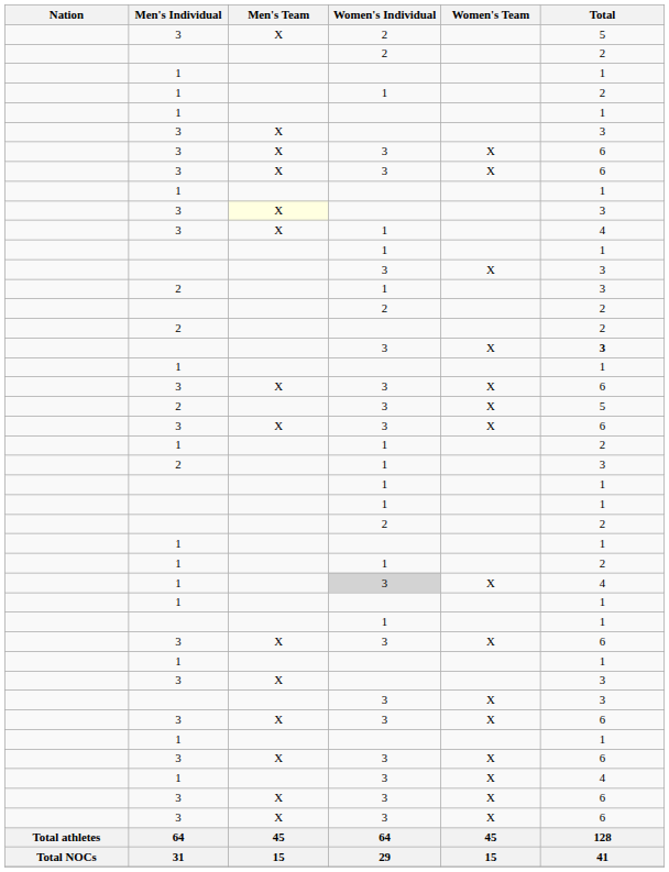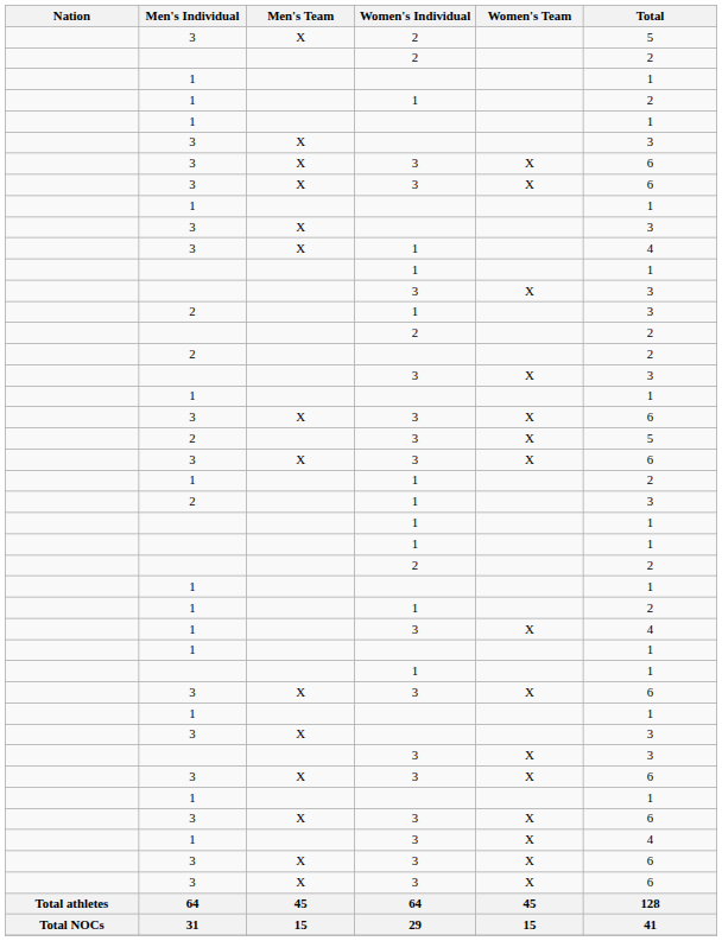 <table class="wikitable collapsible sortable" width=800 style="text-align:center; font-size:90%">
 <tr>
 <th align=left width=100>Nation</th>
 <th width=80>Men's Individual</th>
 <th width=80>Men's Team</th>
 <th width=90>Women's Individual</th>
 <th width=80>Women's Team</th>
 <th width=100>Total</th>
 </tr>
 <tr>
 <td align=left></td>
 <td>3</td>
 <td>X</td>
 <td>2</td>
 <td></td>
 <td>5</td>
 </tr>
 <tr>
 <td align=left></td>
 <td></td>
 <td></td>
 <td>2</td>
 <td></td>
 <td>2</td>
 </tr>
 <tr>
 <td align=left></td>
 <td>1</td>
 <td></td>
 <td></td>
 <td></td>
 <td>1</td>
 </tr>
 <tr>
 <td align=left></td>
 <td>1</td>
 <td></td>
 <td>1</td>
 <td></td>
 <td>2</td>
 </tr>
 <tr>
 <td align=left></td>
 <td>1</td>
 <td></td>
 <td></td>
 <td></td>
 <td>1</td>
 </tr>
 <tr>
 <td align=left></td>
 <td>3</td>
 <td>X</td>
 <td></td>
 <td></td>
 <td>3</td>
 </tr>
 <tr>
 <td align=left></td>
 <td>3</td>
 <td>X</td>
 <td>3</td>
 <td>X</td>
 <td>6</td>
 </tr>
 <tr>
 <td align=left></td>
 <td>3</td>
 <td>X</td>
 <td>3</td>
 <td>X</td>
 <td>6</td>
 </tr>
 <tr>
 <td align=left></td>
 <td>1</td>
 <td></td>
 <td></td>
 <td></td>
 <td>1</td>
 </tr>
 <tr>
 <td align=left></td>
 <td>3</td>
-<td style="background: lightyellow;">X</td>
+<td>X</td>
 <td></td>
 <td></td>
 <td>3</td>
 </tr>
 <tr>
 <td align=left></td>
 <td>3</td>
 <td>X</td>
 <td>1</td>
 <td></td>
 <td>4</td>
 </tr>
 <tr>
 <td align=left></td>
 <td></td>
 <td></td>
 <td>1</td>
 <td></td>
 <td>1</td>
 </tr>
 <tr>
 <td align=left></td>
 <td></td>
 <td></td>
 <td>3</td>
 <td>X</td>
 <td>3</td>
 </tr>
 <tr>
 <td align=left></td>
 <td>2</td>
 <td></td>
 <td>1</td>
 <td></td>
 <td>3</td>
 </tr>
 <tr>
 <td align=left></td>
 <td></td>
 <td></td>
 <td>2</td>
 <td></td>
 <td>2</td>
 </tr>
 <tr>
 <td align=left></td>
 <td>2</td>
 <td></td>
 <td></td>
 <td></td>
 <td>2</td>
 </tr>
 <tr>
 <td align=left></td>
 <td></td>
 <td></td>
 <td>3</td>
 <td>X</td>
-<td><strong>3</strong></td>
+<td>3</td>
 </tr>
 <tr>
 <td align=left></td>
 <td>1</td>
 <td></td>
 <td></td>
 <td></td>
 <td>1</td>
 </tr>
 <tr>
 <td align=left></td>
 <td>3</td>
 <td>X</td>
 <td>3</td>
 <td>X</td>
 <td>6</td>
 </tr>
 <tr>
 <td align=left></td>
 <td>2</td>
 <td></td>
 <td>3</td>
 <td>X</td>
 <td>5</td>
 </tr>
 <tr>
 <td align=left></td>
 <td>3</td>
 <td>X</td>
 <td>3</td>
 <td>X</td>
 <td>6</td>
 </tr>
 <tr>
 <td align=left></td>
 <td>1</td>
 <td></td>
 <td>1</td>
 <td></td>
 <td>2</td>
 </tr>
 <tr>
 <td align=left></td>
 <td>2</td>
 <td></td>
 <td>1</td>
 <td></td>
 <td>3</td>
 </tr>
 <tr>
 <td align=left></td>
 <td></td>
 <td></td>
 <td>1</td>
 <td></td>
 <td>1</td>
 </tr>
 <tr>
 <td align=left></td>
 <td></td>
 <td></td>
 <td>1</td>
 <td></td>
 <td>1</td>
 </tr>
 <tr>
 <td align=left></td>
 <td></td>
 <td></td>
 <td>2</td>
 <td></td>
 <td>2</td>
 </tr>
 <tr>
 <td align=left></td>
 <td>1</td>
 <td></td>
 <td></td>
 <td></td>
 <td>1</td>
 </tr>
 <tr>
 <td align=left></td>
 <td>1</td>
 <td></td>
 <td>1</td>
 <td></td>
 <td>2</td>
 </tr>
 <tr>
 <td align=left></td>
 <td>1</td>
 <td></td>
-<td style="background: lightgrey;">3</td>
+<td>3</td>
 <td>X</td>
 <td>4</td>
 </tr>
 <tr>
 <td align=left></td>
 <td>1</td>
 <td></td>
 <td></td>
 <td></td>
 <td>1</td>
 </tr>
 <tr>
 <td align=left></td>
 <td></td>
 <td></td>
 <td>1</td>
 <td></td>
 <td>1</td>
 </tr>
 <tr>
 <td align=left></td>
 <td>3</td>
 <td>X</td>
 <td>3</td>
 <td>X</td>
 <td>6</td>
 </tr>
 <tr>
 <td align=left></td>
 <td>1</td>
 <td></td>
 <td></td>
 <td></td>
 <td>1</td>
 </tr>
 <tr>
 <td align=left></td>
 <td>3</td>
 <td>X</td>
 <td></td>
 <td></td>
 <td>3</td>
 </tr>
 <tr>
 <td align=left></td>
 <td></td>
 <td></td>
 <td>3</td>
 <td>X</td>
 <td>3</td>
 </tr>
 <tr>
 <td align=left></td>
 <td>3</td>
 <td>X</td>
 <td>3</td>
 <td>X</td>
 <td>6</td>
 </tr>
 <tr>
 <td align=left></td>
 <td>1</td>
 <td></td>
 <td></td>
 <td></td>
 <td>1</td>
 </tr>
 <tr>
 <td align=left></td>
 <td>3</td>
 <td>X</td>
 <td>3</td>
 <td>X</td>
 <td>6</td>
 </tr>
 <tr>
 <td align=left></td>
 <td>1</td>
 <td></td>
 <td>3</td>
 <td>X</td>
 <td>4</td>
 </tr>
 <tr>
 <td align=left></td>
 <td>3</td>
 <td>X</td>
 <td>3</td>
 <td>X</td>
 <td>6</td>
 </tr>
 <tr>
 <td align=left></td>
 <td>3</td>
 <td>X</td>
 <td>3</td>
 <td>X</td>
 <td>6</td>
 </tr>
 <tr class="sortbottom">
 <th>Total athletes</th>
 <th>64</th>
 <th>45</th>
 <th>64</th>
 <th>45</th>
 <th>128</th>
 </tr>
 <tr class="sortbottom">
 <th>Total  NOCs</th>
 <th>31</th>
 <th>15</th>
 <th>29</th>
 <th>15</th>
 <th>41</th>
 </tr>
 <tr>
 </tr>
 </table>
